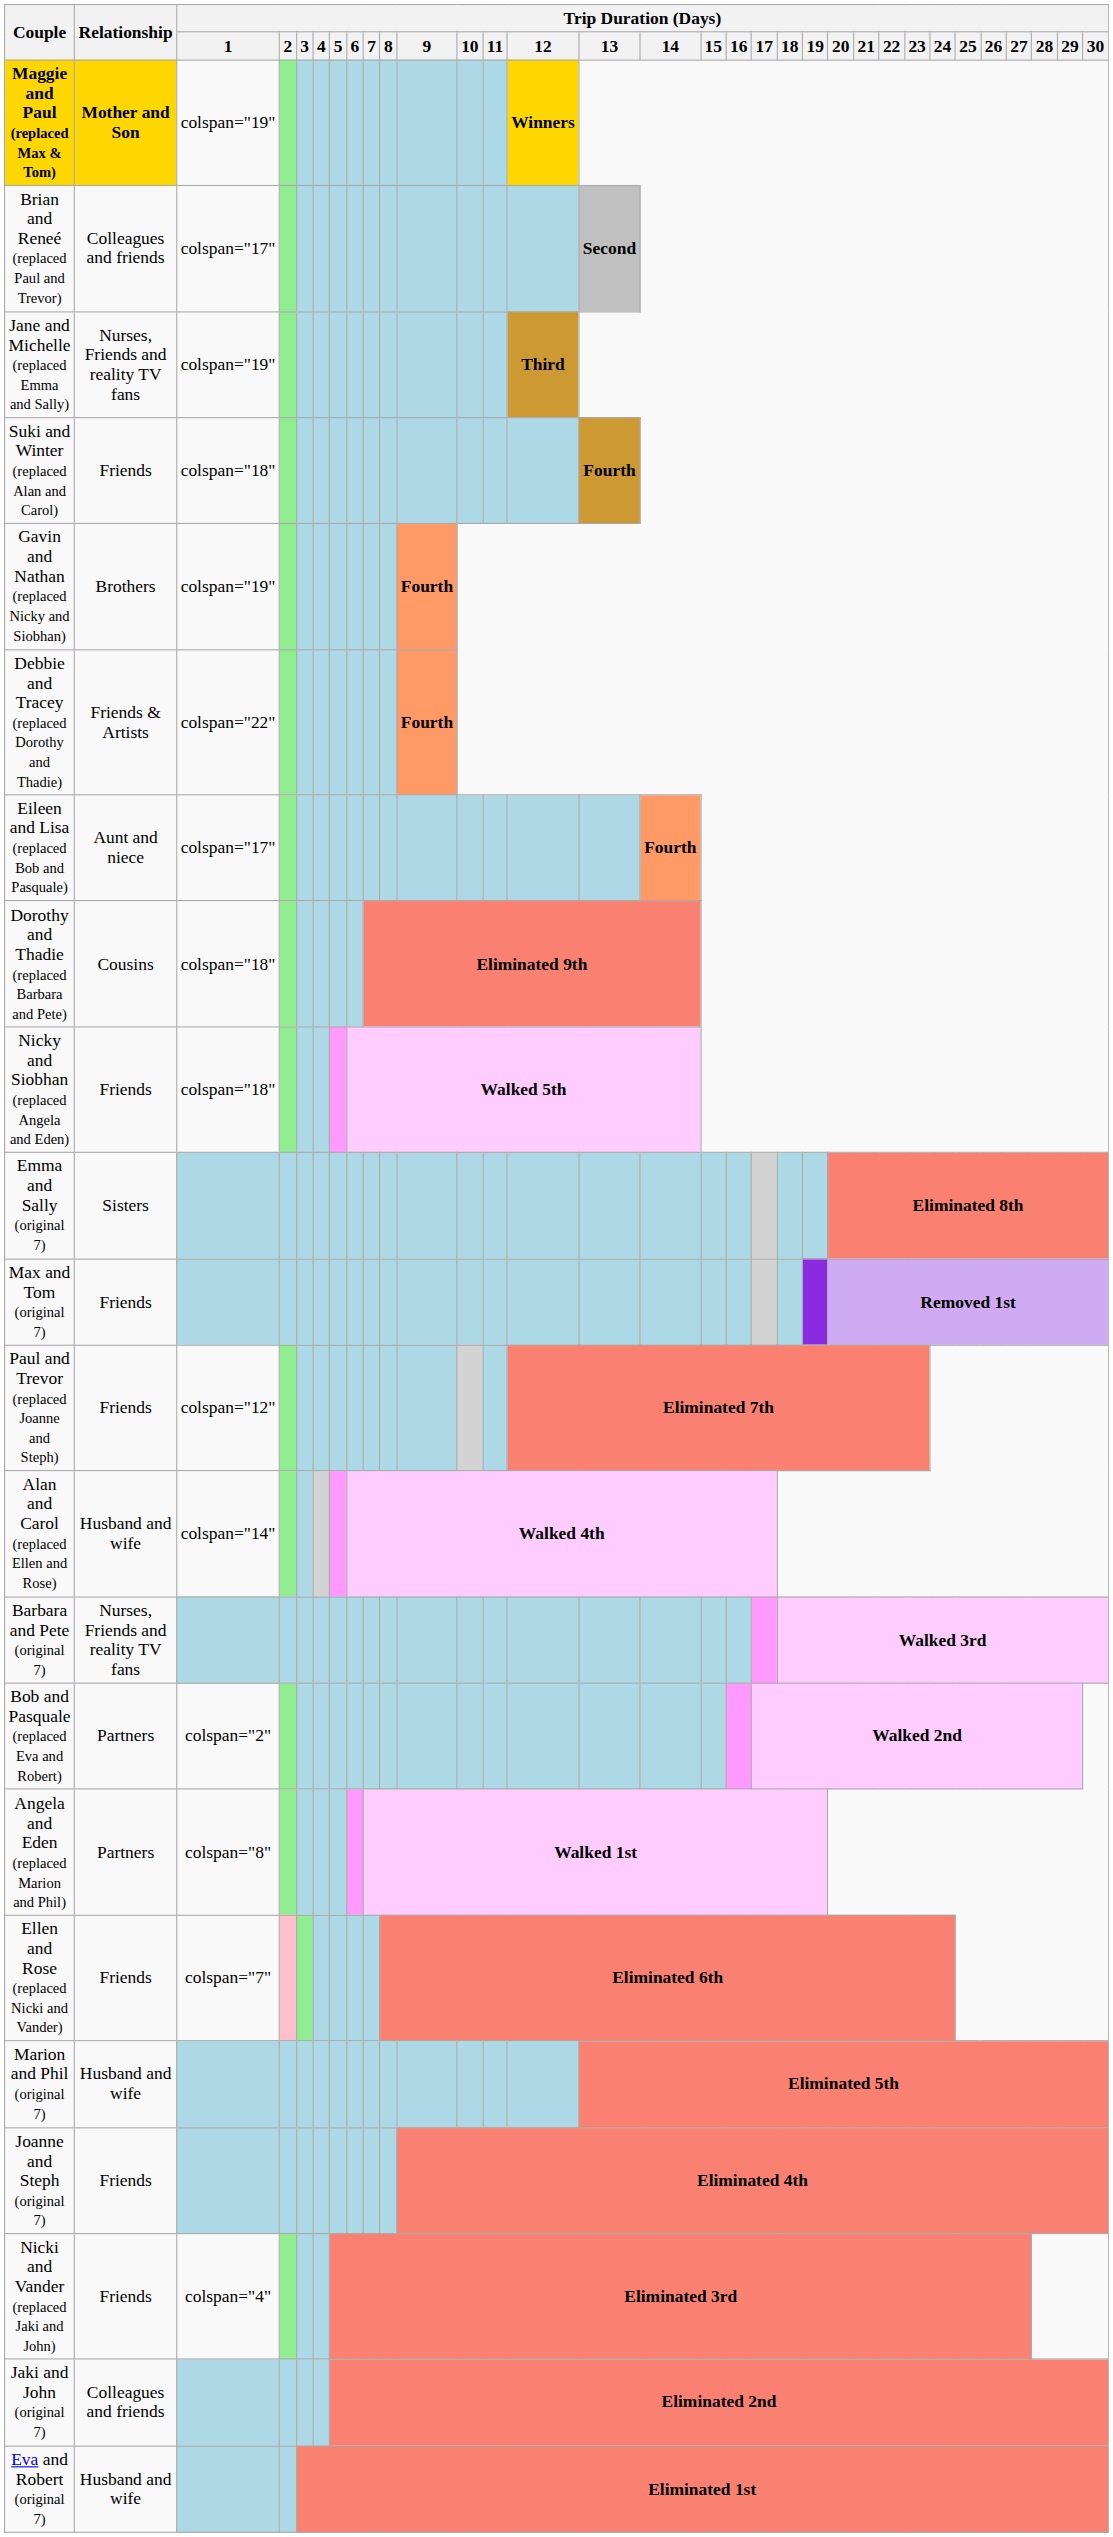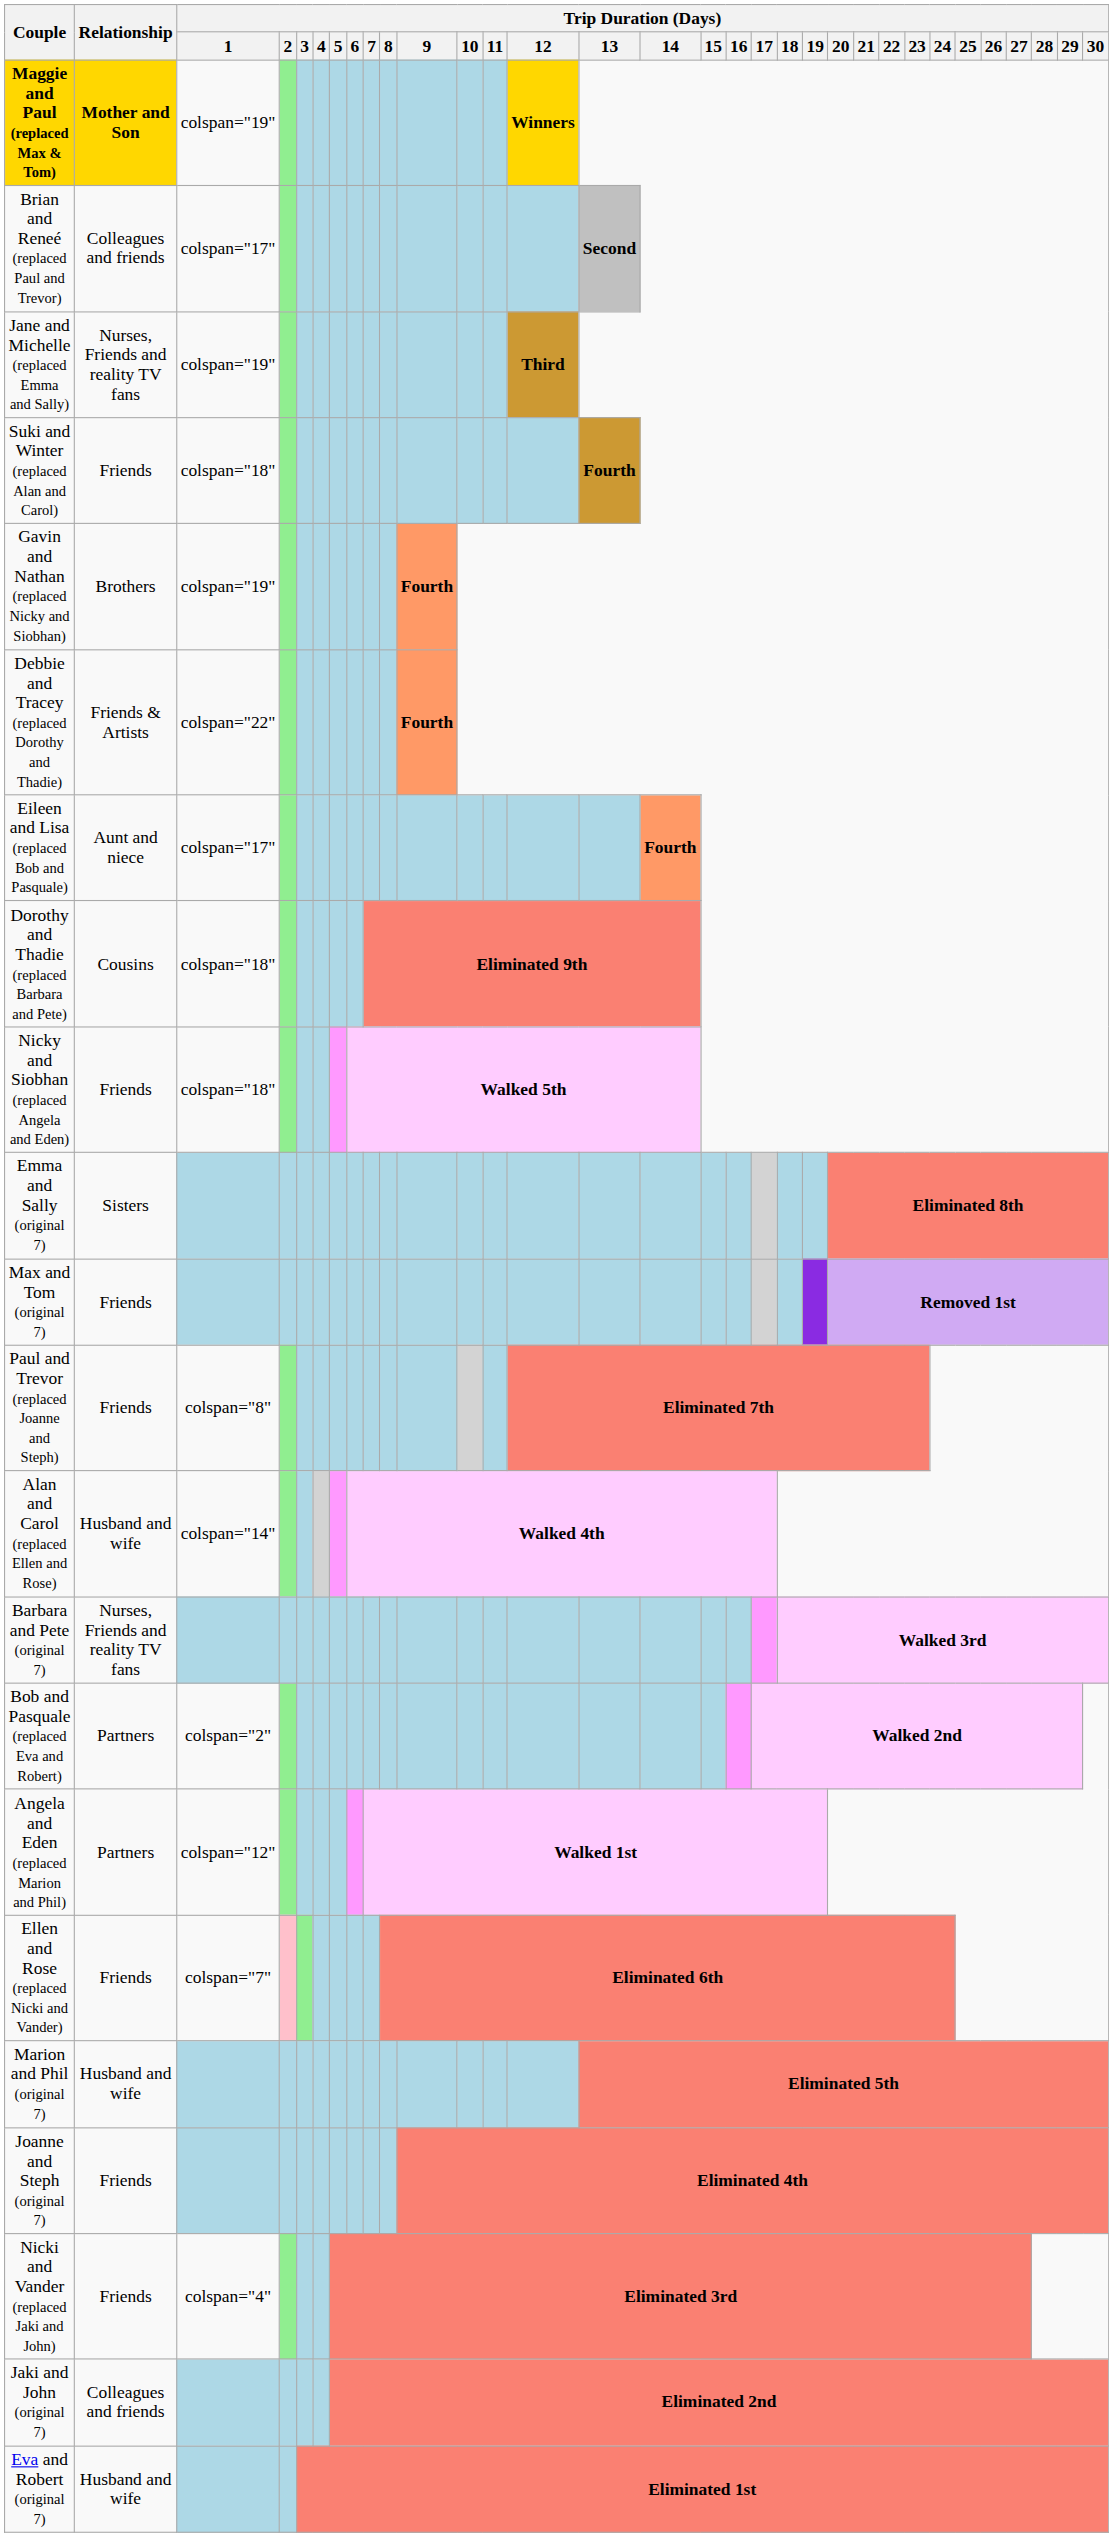 <table class="wikitable" style="text-align:center;">
 <tr>
 <th rowspan="2">Couple</th>
 <th rowspan="2">Relationship</th>
 <th colspan="30">Trip Duration (Days)</th>
 </tr>
 <tr>
 <th>1</th>
 <th>2</th>
 <th>3</th>
 <th>4</th>
 <th>5</th>
 <th>6</th>
 <th>7</th>
 <th>8</th>
 <th>9</th>
 <th>10</th>
 <th>11</th>
 <th>12</th>
 <th>13</th>
 <th>14</th>
 <th>15</th>
 <th>16</th>
 <th>17</th>
 <th>18</th>
 <th>19</th>
 <th>20</th>
 <th>21</th>
 <th>22</th>
 <th>23</th>
 <th>24</th>
 <th>25</th>
 <th>26</th>
 <th>27</th>
 <th>28</th>
 <th>29</th>
 <th>30</th>
 </tr>
 <tr>
 <td style="background:gold;"><strong>Maggie and Paul</strong><br><strong><small>(replaced Max & Tom)</small></strong></td>
 <td style="background:gold;"><strong>Mother and Son</strong></td>
 <td>colspan="19" </td>
 <td style="background:lightgreen;"></td>
 <td style="background:lightblue;"></td>
 <td style="background:lightblue;"></td>
 <td style="background:lightblue;"></td>
 <td style="background:lightblue;"></td>
 <td style="background:lightblue;"></td>
 <td style="background:lightblue;"></td>
 <td style="background:lightblue;"></td>
 <td style="background:lightblue;"></td>
 <td style="background:lightblue;"></td>
 <td style="background:gold;"><strong>Winners</strong></td>
 </tr>
 <tr>
 <td>Brian and Reneé<br><small>(replaced Paul and Trevor)</small></td>
 <td>Colleagues and friends</td>
 <td>colspan="17" </td>
 <td style="background:lightgreen;"></td>
 <td style="background:lightblue;"></td>
 <td style="background:lightblue;"></td>
 <td style="background:lightblue;"></td>
 <td style="background:lightblue;"></td>
 <td style="background:lightblue;"></td>
 <td style="background:lightblue;"></td>
 <td style="background:lightblue;"></td>
 <td style="background:lightblue;"></td>
 <td style="background:lightblue;"></td>
 <td style="background:lightblue;"></td>
 <td style="background:silver;"><strong>Second</strong></td>
 </tr>
 <tr>
 <td>Jane and Michelle<br><small>(replaced Emma and Sally)</small></td>
 <td>Nurses, Friends and<br>reality TV fans</td>
 <td>colspan="19" </td>
 <td style="background:lightgreen;"></td>
 <td style="background:lightblue;"></td>
 <td style="background:lightblue;"></td>
 <td style="background:lightblue;"></td>
 <td style="background:lightblue;"></td>
 <td style="background:lightblue;"></td>
 <td style="background:lightblue;"></td>
 <td style="background:lightblue;"></td>
 <td style="background:lightblue;"></td>
 <td style="background:lightblue;"></td>
 <td style="background:#cc9933;"><strong>Third</strong></td>
 </tr>
 <tr>
 <td>Suki and Winter<br><small>(replaced Alan and Carol)</small></td>
 <td>Friends</td>
 <td>colspan="18" </td>
 <td style="background:lightgreen;"></td>
 <td style="background:lightblue;"></td>
 <td style="background:lightblue;"></td>
 <td style="background:lightblue;"></td>
 <td style="background:lightblue;"></td>
 <td style="background:lightblue;"></td>
 <td style="background:lightblue;"></td>
 <td style="background:lightblue;"></td>
 <td style="background:lightblue;"></td>
 <td style="background:lightblue;"></td>
 <td style="background:lightblue;"></td>
 <td style="background:#cc9933;"><strong>Fourth</strong></td>
 </tr>
 <tr>
 <td>Gavin and Nathan<br><small>(replaced Nicky and Siobhan)</small></td>
 <td>Brothers</td>
 <td>colspan="19" </td>
 <td style="background:lightgreen;"></td>
 <td style="background:lightblue;"></td>
 <td style="background:lightblue;"></td>
 <td style="background:lightblue;"></td>
 <td style="background:lightblue;"></td>
 <td style="background:lightblue;"></td>
 <td style="background:lightblue;"></td>
 <td style="background:#ff9966;"><strong>Fourth</strong></td>
 </tr>
 <tr>
 <td>Debbie and Tracey<br><small>(replaced Dorothy and Thadie)</small></td>
 <td>Friends & Artists</td>
 <td>colspan="22" </td>
 <td style="background:lightgreen;"></td>
 <td style="background:lightblue;"></td>
 <td style="background:lightblue;"></td>
 <td style="background:lightblue;"></td>
 <td style="background:lightblue;"></td>
 <td style="background:lightblue;"></td>
 <td style="background:lightblue;"></td>
 <td style="background:#ff9966;"><strong>Fourth</strong></td>
 </tr>
 <tr>
 <td>Eileen and Lisa<br><small>(replaced Bob and Pasquale)</small></td>
 <td>Aunt and niece</td>
 <td>colspan="17" </td>
 <td style="background:lightgreen;"></td>
 <td style="background:lightblue;"></td>
 <td style="background:lightblue;"></td>
 <td style="background:lightblue;"></td>
 <td style="background:lightblue;"></td>
 <td style="background:lightblue;"></td>
 <td style="background:lightblue;"></td>
 <td style="background:lightblue;"></td>
 <td style="background:lightblue;"></td>
 <td style="background:lightblue;"></td>
 <td style="background:lightblue;"></td>
 <td style="background:lightblue;"></td>
 <td style="background:#ff9966;"><strong>Fourth</strong></td>
 </tr>
 <tr>
 <td>Dorothy and Thadie<br><small>(replaced Barbara and Pete)</small></td>
 <td>Cousins</td>
 <td>colspan="18" </td>
 <td style="background:lightgreen;"></td>
 <td style="background:lightblue;"></td>
 <td style="background:lightblue;"></td>
 <td style="background:lightblue;"></td>
 <td style="background:lightblue;"></td>
 <td colspan="8" style="background:salmon;"><strong>Eliminated 9th</strong></td>
 </tr>
 <tr>
 <td>Nicky and Siobhan<br><small>(replaced Angela and Eden)</small></td>
 <td>Friends</td>
 <td>colspan="18" </td>
 <td style="background:lightgreen;"></td>
 <td style="background:lightblue;"></td>
 <td style="background:lightblue;"></td>
 <td style="background:#ff99ff;"></td>
 <td colspan="9" style="background:#ffccff;"><strong>Walked 5th</strong></td>
 </tr>
 <tr>
 <td>Emma and Sally<br><small>(original 7)</small></td>
 <td>Sisters</td>
 <td style="background:lightblue;"></td>
 <td style="background:lightblue;"></td>
 <td style="background:lightblue;"></td>
 <td style="background:lightblue;"></td>
 <td style="background:lightblue;"></td>
 <td style="background:lightblue;"></td>
 <td style="background:lightblue;"></td>
 <td style="background:lightblue;"></td>
 <td style="background:lightblue;"></td>
 <td style="background:lightblue;"></td>
 <td style="background:lightblue;"></td>
 <td style="background:lightblue;"></td>
 <td style="background:lightblue;"></td>
 <td style="background:lightblue;"></td>
 <td style="background:lightblue;"></td>
 <td style="background:lightblue;"></td>
 <td style="background:lightgrey;"></td>
 <td style="background:lightblue;"></td>
 <td style="background:lightblue;"></td>
 <td colspan="11" style="background:salmon;"><strong>Eliminated 8th</strong></td>
 </tr>
 <tr>
 <td>Max and Tom<br><small>(original 7)</small></td>
 <td>Friends</td>
 <td style="background:lightblue;"></td>
 <td style="background:lightblue;"></td>
 <td style="background:lightblue;"></td>
 <td style="background:lightblue;"></td>
 <td style="background:lightblue;"></td>
 <td style="background:lightblue;"></td>
 <td style="background:lightblue;"></td>
 <td style="background:lightblue;"></td>
 <td style="background:lightblue;"></td>
 <td style="background:lightblue;"></td>
 <td style="background:lightblue;"></td>
 <td style="background:lightblue;"></td>
 <td style="background:lightblue;"></td>
 <td style="background:lightblue;"></td>
 <td style="background:lightblue;"></td>
 <td style="background:lightblue;"></td>
 <td style="background:lightgrey;"></td>
 <td style="background:lightblue;"></td>
 <td style="background:#8a2be2;"></td>
 <td colspan="11" style="background:#D0AAF3;"><strong>Removed 1st</strong></td>
 </tr>
 <tr>
 <td>Paul and Trevor<br><small>(replaced Joanne and Steph)</small></td>
 <td>Friends</td>
-<td>colspan="12" </td>
+<td>colspan="8" </td>
 <td style="background:lightgreen;"></td>
 <td style="background:lightblue;"></td>
 <td style="background:lightblue;"></td>
 <td style="background:lightblue;"></td>
 <td style="background:lightblue;"></td>
 <td style="background:lightblue;"></td>
 <td style="background:lightblue;"></td>
 <td style="background:lightblue;"></td>
 <td style="background:lightgrey;"></td>
 <td style="background:lightblue;"></td>
 <td colspan="12" style="background:salmon;"><strong>Eliminated 7th</strong></td>
 </tr>
 <tr>
 <td>Alan and Carol<br><small>(replaced Ellen and Rose)</small></td>
 <td>Husband and wife</td>
 <td>colspan="14" </td>
 <td style="background:lightgreen;"></td>
 <td style="background:lightblue;"></td>
 <td style="background:lightgrey;"></td>
 <td style="background:#ff99ff;"></td>
 <td colspan="12" style="background:#ffccff;"><strong>Walked 4th</strong></td>
 </tr>
 <tr>
 <td>Barbara and Pete<br><small>(original 7)</small></td>
 <td>Nurses, Friends and<br>reality TV fans</td>
 <td style="background:lightblue;"></td>
 <td style="background:lightblue;"></td>
 <td style="background:lightblue;"></td>
 <td style="background:lightblue;"></td>
 <td style="background:lightblue;"></td>
 <td style="background:lightblue;"></td>
 <td style="background:lightblue;"></td>
 <td style="background:lightblue;"></td>
 <td style="background:lightblue;"></td>
 <td style="background:lightblue;"></td>
 <td style="background:lightblue;"></td>
 <td style="background:lightblue;"></td>
 <td style="background:lightblue;"></td>
 <td style="background:lightblue;"></td>
 <td style="background:lightblue;"></td>
 <td style="background:lightblue;"></td>
 <td style="background:#ff99ff;"></td>
 <td colspan="13" style="background:#ffccff;"><strong>Walked 3rd</strong></td>
 </tr>
 <tr>
 <td>Bob and Pasquale<br><small>(replaced Eva and Robert)</small></td>
 <td>Partners</td>
 <td>colspan="2" </td>
 <td style="background:lightgreen;"></td>
 <td style="background:lightblue;"></td>
 <td style="background:lightblue;"></td>
 <td style="background:lightblue;"></td>
 <td style="background:lightblue;"></td>
 <td style="background:lightblue;"></td>
 <td style="background:lightblue;"></td>
 <td style="background:lightblue;"></td>
 <td style="background:lightblue;"></td>
 <td style="background:lightblue;"></td>
 <td style="background:lightblue;"></td>
 <td style="background:lightblue;"></td>
 <td style="background:lightblue;"></td>
 <td style="background:lightblue;"></td>
 <td style="background:#ff99ff;"></td>
 <td colspan="13" style="background:#ffccff;"><strong>Walked 2nd</strong></td>
 </tr>
 <tr>
 <td>Angela and Eden<br><small>(replaced Marion and Phil)</small></td>
 <td>Partners</td>
-<td>colspan="8" </td>
+<td>colspan="12" </td>
 <td style="background:lightgreen;"></td>
 <td style="background:lightblue;"></td>
 <td style="background:lightblue;"></td>
 <td style="background:lightblue;"></td>
 <td style="background:#ff99ff;"></td>
 <td colspan="13" style="background:#ffccff;"><strong>Walked 1st</strong></td>
 </tr>
 <tr>
 <td>Ellen and Rose<br><small>(replaced Nicki and Vander)</small></td>
 <td>Friends</td>
 <td>colspan="7" </td>
 <td style="background: pink;"></td>
 <td style="background:lightgreen;"></td>
 <td style="background:lightblue;"></td>
 <td style="background:lightblue;"></td>
 <td style="background:lightblue;"></td>
 <td style="background:lightblue;"></td>
 <td colspan="17" style="background:salmon;"><strong>Eliminated 6th</strong></td>
 </tr>
 <tr>
 <td>Marion and Phil<br><small>(original 7)</small></td>
 <td>Husband and wife</td>
 <td style="background:lightblue;"></td>
 <td style="background:lightblue;"></td>
 <td style="background:lightblue;"></td>
 <td style="background:lightblue;"></td>
 <td style="background:lightblue;"></td>
 <td style="background:lightblue;"></td>
 <td style="background:lightblue;"></td>
 <td style="background:lightblue;"></td>
 <td style="background:lightblue;"></td>
 <td style="background:lightblue;"></td>
 <td style="background:lightblue;"></td>
 <td style="background:lightblue;"></td>
 <td colspan="18" style="background:salmon;"><strong>Eliminated 5th</strong></td>
 </tr>
 <tr>
 <td>Joanne and Steph<br><small>(original 7)</small></td>
 <td>Friends</td>
 <td style="background:lightblue;"></td>
 <td style="background:lightblue;"></td>
 <td style="background:lightblue;"></td>
 <td style="background:lightblue;"></td>
 <td style="background:lightblue;"></td>
 <td style="background:lightblue;"></td>
 <td style="background:lightblue;"></td>
 <td style="background:lightblue;"></td>
 <td colspan="22" style="background:salmon;"><strong>Eliminated 4th</strong></td>
 </tr>
 <tr>
 <td>Nicki and Vander<br><small>(replaced Jaki and John)</small></td>
 <td>Friends</td>
 <td>colspan="4" </td>
 <td style="background:lightgreen;"></td>
 <td style="background:lightblue;"></td>
 <td style="background:lightblue;"></td>
 <td colspan="23" style="background:salmon;"><strong>Eliminated 3rd</strong></td>
 </tr>
 <tr>
 <td>Jaki and John<br><small>(original 7)</small></td>
 <td>Colleagues and friends</td>
 <td style="background:lightblue;"></td>
 <td style="background:lightblue;"></td>
 <td style="background:lightblue;"></td>
 <td style="background:lightblue;"></td>
 <td colspan="26" style="background:salmon;"><strong>Eliminated 2nd</strong></td>
 </tr>
 <tr>
 <td><a href='#'>Eva</a> and Robert<br><small>(original 7)</small></td>
 <td>Husband and wife</td>
 <td style="background:lightblue;"></td>
 <td style="background:lightblue;"></td>
 <td colspan="28" style="background:salmon;"><strong>Eliminated 1st</strong></td>
 </tr>
 </table>
